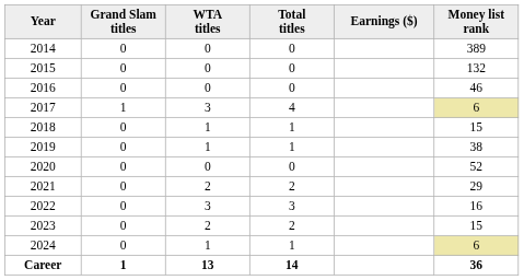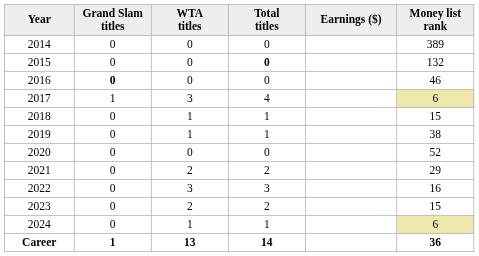 <table cellpadding=3 cellspacing=0 border=1 style=border:#aaa;solid:1px;border-collapse:collapse;text-align:center;>
 <tr style=background:#eee;font-weight:bold>
 <td width="90">Year</td>
 <td width="100">Grand Slam <br>titles</td>
 <td width="100">WTA <br>titles</td>
 <td width="100">Total <br>titles</td>
 <td width="120">Earnings ($)</td>
 <td width="100">Money list rank</td>
 </tr>
 <tr>
 <td>2014</td>
 <td>0</td>
 <td>0</td>
 <td>0</td>
 <td align="right"></td>
 <td>389</td>
 </tr>
 <tr>
 <td>2015</td>
 <td>0</td>
 <td>0</td>
-<td>0</td>
+<td><strong>0</strong></td>
 <td align="right"></td>
 <td>132</td>
 </tr>
 <tr>
 <td>2016</td>
-<td>0</td>
+<td><strong>0</strong></td>
 <td>0</td>
 <td>0</td>
 <td align="right"></td>
 <td>46</td>
 </tr>
 <tr>
 <td>2017</td>
 <td>1</td>
 <td>3</td>
 <td>4</td>
 <td align="right"></td>
 <td bgcolor="eee8aa">6</td>
 </tr>
 <tr>
 <td>2018</td>
 <td>0</td>
 <td>1</td>
 <td>1</td>
 <td align="right"></td>
 <td>15</td>
 </tr>
 <tr>
 <td>2019</td>
 <td>0</td>
 <td>1</td>
 <td>1</td>
 <td align="right"></td>
 <td>38</td>
 </tr>
 <tr>
 <td>2020</td>
 <td>0</td>
 <td>0</td>
 <td>0</td>
 <td align="right"></td>
 <td>52</td>
 </tr>
 <tr>
 <td>2021</td>
 <td>0</td>
 <td>2</td>
 <td>2</td>
 <td align="right"></td>
 <td>29</td>
 </tr>
 <tr>
 <td>2022</td>
 <td>0</td>
 <td>3</td>
 <td>3</td>
 <td align=right></td>
 <td>16</td>
 </tr>
 <tr>
 <td>2023</td>
 <td>0</td>
 <td>2</td>
 <td>2</td>
 <td align=right></td>
 <td>15</td>
 </tr>
 <tr>
 <td>2024</td>
 <td>0</td>
 <td>1</td>
 <td>1</td>
 <td align=right></td>
 <td bgcolor="eee8aa">6</td>
 </tr>
 <tr style="font-weight:bold;">
 <td>Career</td>
 <td>1</td>
 <td>13</td>
 <td>14</td>
 <td align="right"></td>
 <td>36</td>
 </tr>
 </table>
